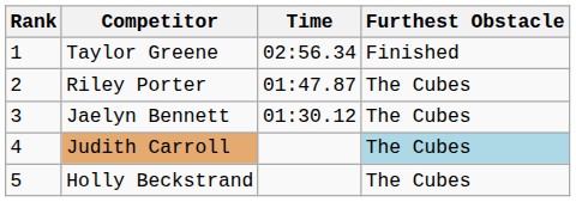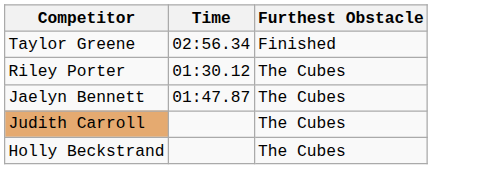 <table class="wikitable sortable mw-collapsible" style="display: inline-table;">
 <tr>
-<th>Rank</th>
 <th>Competitor</th>
 <th>Time</th>
 <th>Furthest Obstacle</th>
 </tr>
 <tr>
-<td>1</td>
 <td>Taylor Greene</td>
 <td>02:56.34</td>
 <td>Finished</td>
 </tr>
 <tr>
-<td>2</td>
 <td>Riley Porter</td>
+<td>01:30.12</td>
+<td>The Cubes</td>
+</tr>
+<tr>
+<td>Jaelyn Bennett</td>
 <td>01:47.87</td>
 <td>The Cubes</td>
 </tr>
 <tr>
-<td>3</td>
-<td>Jaelyn Bennett</td>
-<td>01:30.12</td>
+<td style="background-color:#E5AA70">Judith Carroll</td>
+<td></td>
 <td>The Cubes</td>
 </tr>
 <tr>
-<td>4</td>
-<td style="background-color:#E5AA70">Judith Carroll</td>
-<td></td>
-<td style="background: lightblue;">The Cubes</td>
-</tr>
-<tr>
-<td>5</td>
 <td>Holly Beckstrand</td>
 <td></td>
 <td>The Cubes</td>
 </tr>
 </table>
